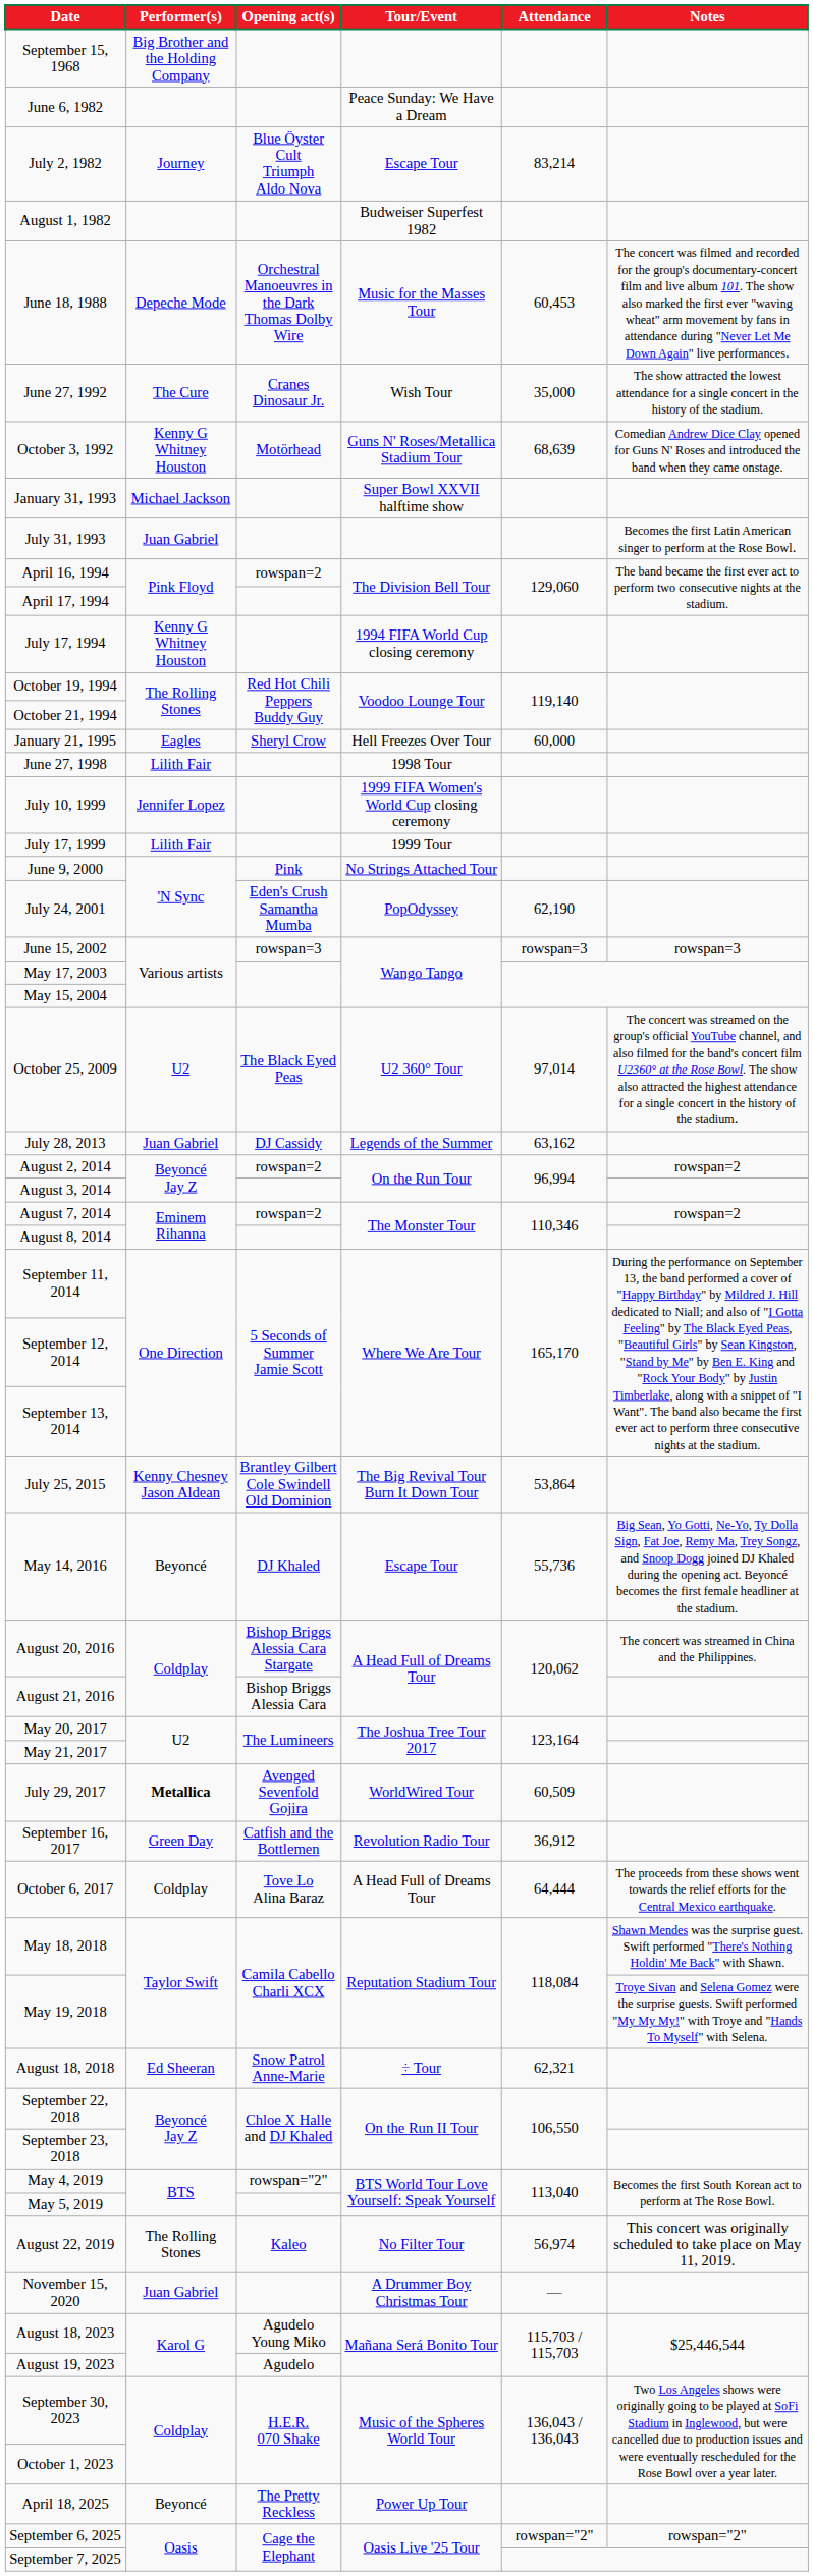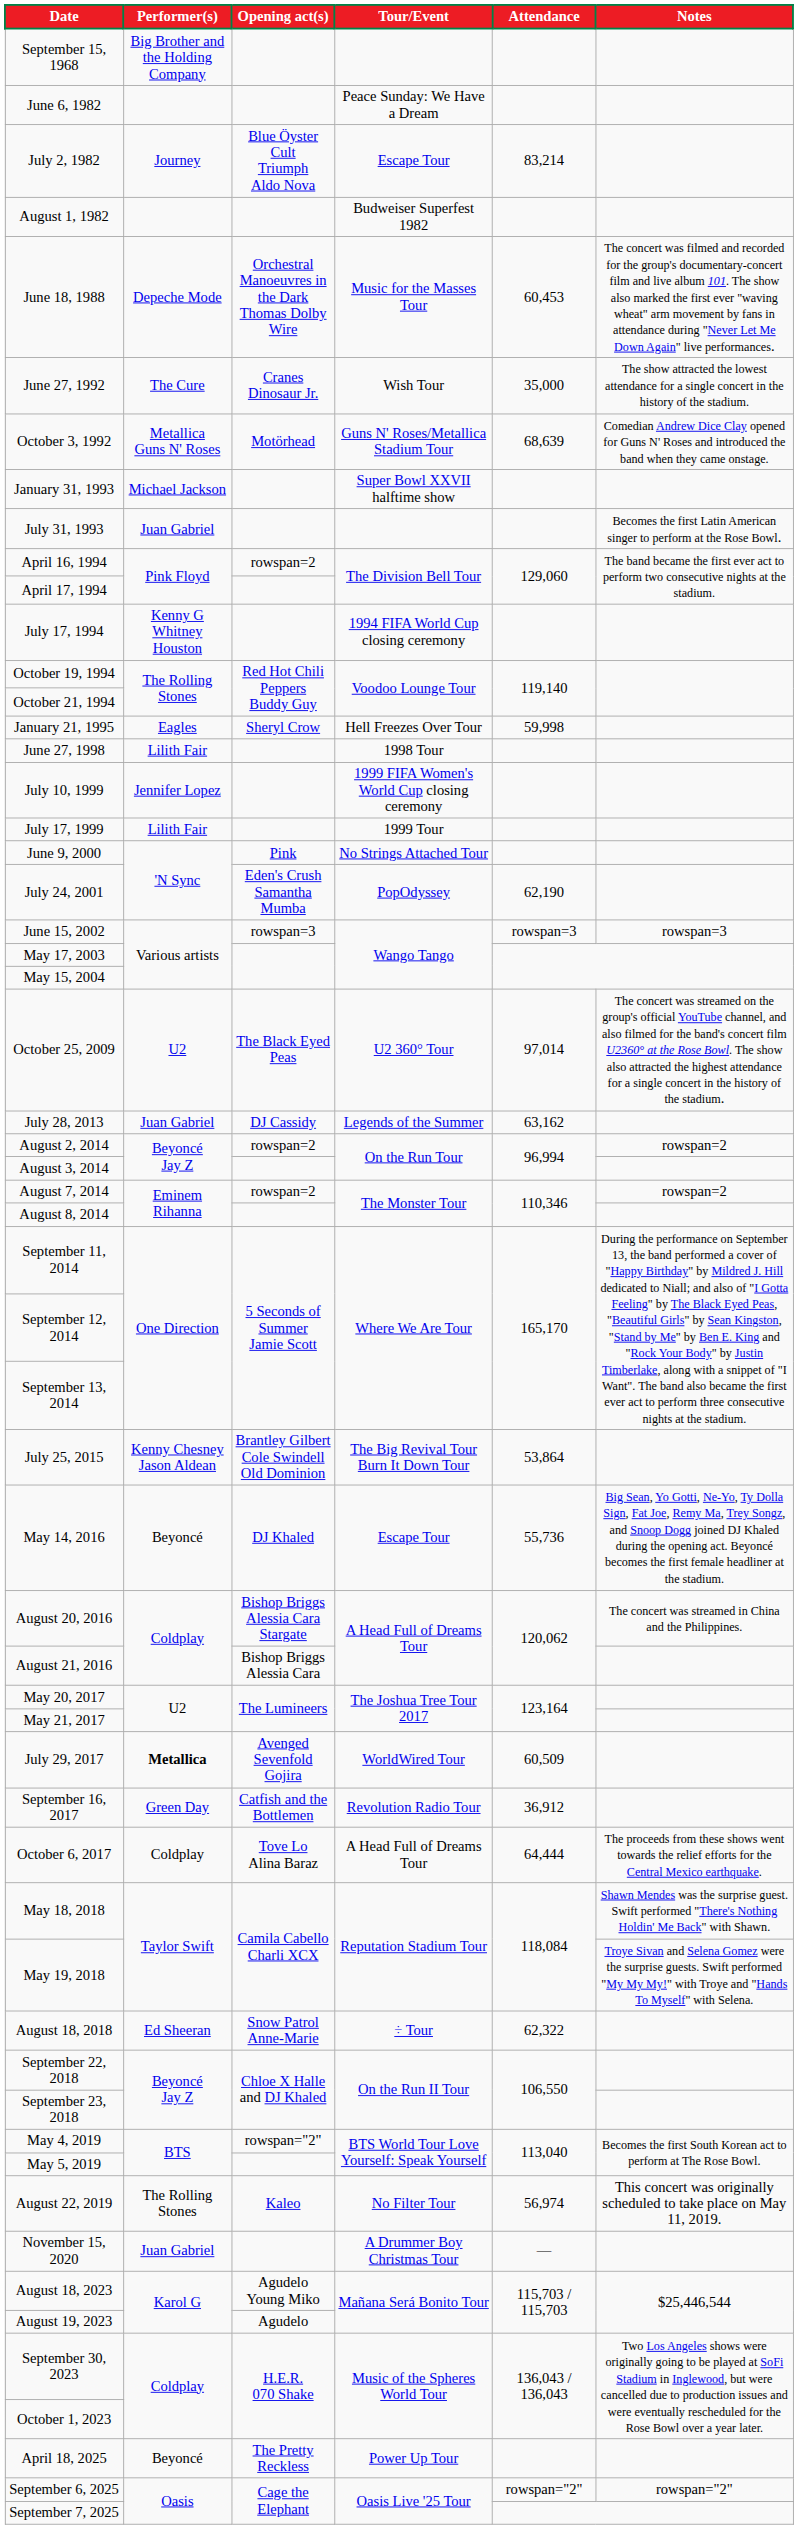 <table class="wikitable sortable" style="text-align:center">
 <tr>
 <th width=12% style="background:#ED1C24; color:#FFFFFF; border:2px solid #008348;">Date</th>
 <th width=10% style="background:#ED1C24; color:#FFFFFF; border:2px solid #008348;">Performer(s)</th>
 <th width=10% style="background:#ED1C24; color:#FFFFFF; border:2px solid #008348;">Opening act(s)</th>
 <th width=16% style="background:#ED1C24; color:#FFFFFF; border:2px solid #008348;">Tour/Event</th>
 <th width=10% style="background:#ED1C24; color:#FFFFFF; border:2px solid #008348;">Attendance</th>
 <th width=20% style="background:#ED1C24; color:#FFFFFF; border:2px solid #008348;">Notes</th>
 </tr>
 <tr>
 <td>September 15, 1968</td>
 <td><a href='#'>Big Brother and the Holding Company</a></td>
 <td></td>
 <td></td>
 <td></td>
 <td></td>
 </tr>
 <tr>
 <td>June 6, 1982</td>
 <td></td>
 <td></td>
 <td>Peace Sunday: We Have a Dream</td>
 <td></td>
 <td></td>
 </tr>
 <tr>
 <td>July 2, 1982</td>
 <td><a href='#'>Journey</a></td>
 <td><a href='#'>Blue Öyster Cult</a><br><a href='#'>Triumph</a><br><a href='#'>Aldo Nova</a></td>
 <td><a href='#'>Escape Tour</a></td>
 <td>83,214</td>
 <td></td>
 </tr>
 <tr>
 <td>August 1, 1982</td>
 <td></td>
 <td></td>
 <td>Budweiser Superfest 1982</td>
 <td></td>
 <td></td>
 </tr>
 <tr>
 <td>June 18, 1988</td>
 <td><a href='#'>Depeche Mode</a></td>
 <td><a href='#'>Orchestral Manoeuvres in the Dark</a><br> <a href='#'>Thomas Dolby</a><br><a href='#'>Wire</a></td>
 <td><a href='#'>Music for the Masses Tour</a></td>
 <td>60,453</td>
 <td><small>The concert was filmed and recorded for the group's documentary-concert film and live album <em><a href='#'>101</a></em>. The show also marked the first ever "waving wheat" arm movement by fans in attendance during "<a href='#'>Never Let Me Down Again</a>" live performances</small>.</td>
 </tr>
 <tr>
 <td>June 27, 1992</td>
 <td><a href='#'>The Cure</a></td>
 <td><a href='#'>Cranes</a><br><a href='#'>Dinosaur Jr.</a></td>
 <td>Wish Tour</td>
 <td>35,000</td>
 <td><small>The show attracted the lowest attendance for a single concert in the history of the stadium.</small></td>
 </tr>
 <tr>
 <td>October 3, 1992</td>
-<td><a href='#'>Kenny G</a><br><a href='#'>Whitney Houston</a></td>
+<td><a href='#'>Metallica</a><br><a href='#'>Guns N' Roses</a></td>
 <td><a href='#'>Motörhead</a></td>
 <td><a href='#'>Guns N' Roses/Metallica Stadium Tour</a></td>
 <td>68,639</td>
 <td><small>Comedian <a href='#'>Andrew Dice Clay</a> opened for Guns N' Roses and introduced the band when they came onstage.</small></td>
 </tr>
 <tr>
 <td>January 31, 1993</td>
 <td><a href='#'>Michael Jackson</a></td>
 <td></td>
 <td><a href='#'>Super Bowl XXVII</a> halftime show</td>
 <td></td>
 <td></td>
 </tr>
 <tr>
 <td>July 31, 1993</td>
 <td><a href='#'>Juan Gabriel</a></td>
 <td></td>
 <td></td>
 <td></td>
 <td><small>Becomes the first Latin American singer to perform at the Rose Bowl</small>.</td>
 </tr>
 <tr>
 <td>April 16, 1994</td>
 <td rowspan=2><a href='#'>Pink Floyd</a></td>
 <td>rowspan=2 </td>
 <td rowspan=2><a href='#'>The Division Bell Tour</a></td>
 <td rowspan=2>129,060</td>
 <td rowspan=2><small>The band became the first ever act to perform two consecutive nights at the stadium.</small></td>
 </tr>
 <tr>
 <td>April 17, 1994</td>
 </tr>
 <tr>
 <td>July 17, 1994</td>
 <td><a href='#'>Kenny G</a><br><a href='#'>Whitney Houston</a></td>
 <td></td>
 <td><a href='#'>1994 FIFA World Cup</a> closing ceremony</td>
 <td></td>
 <td></td>
 </tr>
 <tr>
 <td>October 19, 1994</td>
 <td rowspan=2><a href='#'>The Rolling Stones</a></td>
 <td rowspan=2><a href='#'>Red Hot Chili Peppers</a><br><a href='#'>Buddy Guy</a></td>
 <td rowspan=2><a href='#'>Voodoo Lounge Tour</a></td>
 <td rowspan=2>119,140</td>
 <td rowspan=2></td>
 </tr>
 <tr>
 <td>October 21, 1994</td>
 </tr>
 <tr>
 <td>January 21, 1995</td>
 <td><a href='#'>Eagles</a></td>
 <td><a href='#'>Sheryl Crow</a></td>
 <td>Hell Freezes Over Tour</td>
-<td>60,000</td>
+<td>59,998</td>
 <td></td>
 </tr>
 <tr>
 <td>June 27, 1998</td>
 <td><a href='#'>Lilith Fair</a></td>
 <td></td>
 <td>1998 Tour</td>
 <td></td>
 <td></td>
 </tr>
 <tr>
 <td>July 10, 1999</td>
 <td><a href='#'>Jennifer Lopez</a></td>
 <td></td>
 <td><a href='#'>1999 FIFA Women's World Cup</a> closing ceremony</td>
 <td></td>
 <td></td>
 </tr>
 <tr>
 <td>July 17, 1999</td>
 <td><a href='#'>Lilith Fair</a></td>
 <td></td>
 <td>1999 Tour</td>
 <td></td>
 <td></td>
 </tr>
 <tr>
 <td>June 9, 2000</td>
 <td rowspan="2"><a href='#'>'N Sync</a></td>
 <td><a href='#'>Pink</a></td>
 <td><a href='#'>No Strings Attached Tour</a></td>
 <td></td>
 <td></td>
 </tr>
 <tr>
 <td>July 24, 2001</td>
 <td><a href='#'>Eden's Crush</a><br><a href='#'>Samantha Mumba</a></td>
 <td><a href='#'>PopOdyssey</a></td>
 <td>62,190</td>
 <td></td>
 </tr>
 <tr>
 <td>June 15, 2002</td>
 <td rowspan=3>Various artists</td>
 <td>rowspan=3 </td>
 <td rowspan=3><a href='#'>Wango Tango</a></td>
 <td>rowspan=3 </td>
 <td>rowspan=3 </td>
 </tr>
 <tr>
 <td>May 17, 2003</td>
 </tr>
 <tr>
 <td>May 15, 2004</td>
 </tr>
 <tr>
 <td>October 25, 2009</td>
 <td><a href='#'>U2</a></td>
 <td><a href='#'>The Black Eyed Peas</a></td>
 <td><a href='#'>U2 360° Tour</a></td>
 <td>97,014</td>
 <td><small>The concert was streamed on the group's official <a href='#'>YouTube</a> channel, and also filmed for the band's concert film <em><a href='#'>U2360° at the Rose Bowl</a></em>. The show also attracted the highest attendance for a single concert in the history of the stadium</small>.</td>
 </tr>
 <tr>
 <td>July 28, 2013</td>
 <td><a href='#'>Juan Gabriel</a></td>
 <td><a href='#'>DJ Cassidy</a></td>
 <td><a href='#'>Legends of the Summer</a></td>
 <td>63,162</td>
 <td></td>
 </tr>
 <tr>
 <td>August 2, 2014</td>
 <td rowspan=2><a href='#'>Beyoncé</a><br><a href='#'>Jay Z</a></td>
 <td>rowspan=2 </td>
 <td rowspan=2><a href='#'>On the Run Tour</a></td>
 <td rowspan=2>96,994</td>
 <td>rowspan=2 </td>
 </tr>
 <tr>
 <td>August 3, 2014</td>
 </tr>
 <tr>
 <td>August 7, 2014</td>
 <td rowspan=2><a href='#'>Eminem</a><br><a href='#'>Rihanna</a></td>
 <td>rowspan=2 </td>
 <td rowspan=2><a href='#'>The Monster Tour</a></td>
 <td rowspan=2>110,346</td>
 <td>rowspan=2 </td>
 </tr>
 <tr>
 <td>August 8, 2014</td>
 </tr>
 <tr>
 <td>September 11, 2014</td>
 <td rowspan=3><a href='#'>One Direction</a></td>
 <td rowspan=3><a href='#'>5 Seconds of Summer</a><br><a href='#'>Jamie Scott</a></td>
 <td rowspan=3><a href='#'>Where We Are Tour</a></td>
 <td rowspan=3>165,170</td>
 <td rowspan=3><small>During the performance on September 13, the band performed a cover of "<a href='#'>Happy Birthday</a>" by <a href='#'>Mildred J. Hill</a> dedicated to Niall; and also of "<a href='#'>I Gotta Feeling</a>" by <a href='#'>The Black Eyed Peas</a>, "<a href='#'>Beautiful Girls</a>" by <a href='#'>Sean Kingston</a>, "<a href='#'>Stand by Me</a>" by <a href='#'>Ben E. King</a> and "<a href='#'>Rock Your Body</a>" by <a href='#'>Justin Timberlake</a>, along with a snippet of "I Want". The band also became the first ever act to perform three consecutive nights at the stadium.</small></td>
 </tr>
 <tr>
 <td>September 12, 2014</td>
 </tr>
 <tr>
 <td>September 13, 2014</td>
 </tr>
 <tr>
 <td>July 25, 2015</td>
 <td><a href='#'>Kenny Chesney</a><br><a href='#'>Jason Aldean</a></td>
 <td><a href='#'>Brantley Gilbert</a><br><a href='#'>Cole Swindell</a><br><a href='#'>Old Dominion</a></td>
 <td><a href='#'>The Big Revival Tour</a><br><a href='#'>Burn It Down Tour</a></td>
 <td>53,864</td>
 <td></td>
 </tr>
 <tr>
 <td>May 14, 2016</td>
 <td>Beyoncé</td>
 <td><a href='#'>DJ Khaled</a></td>
 <td><a href='#'>Escape Tour</a></td>
 <td>55,736</td>
 <td><small><a href='#'>Big Sean</a>, <a href='#'>Yo Gotti</a>, <a href='#'>Ne-Yo</a>, <a href='#'>Ty Dolla Sign</a>, <a href='#'>Fat Joe</a>, <a href='#'>Remy Ma</a>, <a href='#'>Trey Songz</a>, and <a href='#'>Snoop Dogg</a> joined DJ Khaled during the opening act. Beyoncé becomes the first female headliner at the stadium.</small></td>
 </tr>
 <tr>
 <td>August 20, 2016</td>
 <td rowspan=2><a href='#'>Coldplay</a></td>
 <td><a href='#'>Bishop Briggs</a><br><a href='#'>Alessia Cara</a><br><a href='#'>Stargate</a></td>
 <td rowspan=2><a href='#'>A Head Full of Dreams Tour</a></td>
 <td rowspan=2>120,062</td>
 <td><small>The concert was streamed in China and the Philippines.</small></td>
 </tr>
 <tr>
 <td>August 21, 2016</td>
 <td>Bishop Briggs<br>Alessia Cara</td>
 <td></td>
 </tr>
 <tr>
 <td>May 20, 2017</td>
 <td rowspan="2">U2</td>
 <td rowspan="2"><a href='#'>The Lumineers</a></td>
 <td rowspan="2"><a href='#'>The Joshua Tree Tour 2017</a></td>
 <td rowspan="2">123,164</td>
 <td></td>
 </tr>
 <tr>
 <td>May 21, 2017</td>
 <td></td>
 </tr>
 <tr>
 <td>July 29, 2017</td>
 <td><strong>Metallica</strong></td>
 <td><a href='#'>Avenged Sevenfold</a><br><a href='#'>Gojira</a></td>
 <td><a href='#'>WorldWired Tour</a></td>
 <td>60,509</td>
 <td></td>
 </tr>
 <tr>
 <td>September 16, 2017</td>
 <td><a href='#'>Green Day</a></td>
 <td><a href='#'>Catfish and the Bottlemen</a></td>
 <td><a href='#'>Revolution Radio Tour</a></td>
 <td>36,912</td>
 <td></td>
 </tr>
 <tr>
 <td>October 6, 2017</td>
 <td>Coldplay</td>
 <td><a href='#'>Tove Lo</a><br>Alina Baraz</td>
 <td>A Head Full of Dreams Tour</td>
 <td>64,444</td>
 <td><small>The proceeds from these shows went towards the relief efforts for the <a href='#'>Central Mexico earthquake</a>.</small></td>
 </tr>
 <tr>
 <td>May 18, 2018</td>
 <td rowspan="2"><a href='#'>Taylor Swift</a></td>
 <td rowspan="2"><a href='#'>Camila Cabello</a><br><a href='#'>Charli XCX</a></td>
 <td rowspan="2"><a href='#'>Reputation Stadium Tour</a></td>
 <td rowspan="2">118,084</td>
 <td><small><a href='#'>Shawn Mendes</a> was the surprise guest. Swift performed "<a href='#'>There's Nothing Holdin' Me Back</a>" with Shawn.</small></td>
 </tr>
 <tr>
 <td>May 19, 2018</td>
 <td><small><a href='#'>Troye Sivan</a> and <a href='#'>Selena Gomez</a> were the surprise guests. Swift performed "<a href='#'>My My My!</a>" with Troye and "<a href='#'>Hands To Myself</a>" with Selena.</small></td>
 </tr>
 <tr>
 <td>August 18, 2018</td>
 <td><a href='#'>Ed Sheeran</a></td>
 <td><a href='#'>Snow Patrol</a><br><a href='#'>Anne-Marie</a></td>
 <td><a href='#'>÷ Tour</a></td>
-<td>62,321</td>
+<td>62,322</td>
 <td></td>
 </tr>
 <tr>
 <td>September 22, 2018</td>
 <td rowspan="2"><a href='#'>Beyoncé</a><br><a href='#'>Jay Z</a></td>
 <td rowspan="2"><a href='#'>Chloe X Halle</a> and <a href='#'>DJ Khaled</a></td>
 <td rowspan="2"><a href='#'>On the Run II Tour</a></td>
 <td rowspan="2">106,550</td>
 <td></td>
 </tr>
 <tr>
 <td>September 23, 2018</td>
 <td></td>
 </tr>
 <tr>
 <td>May 4, 2019</td>
 <td rowspan="2"><a href='#'>BTS</a></td>
 <td>rowspan="2" </td>
 <td rowspan="2"><a href='#'>BTS World Tour Love Yourself: Speak Yourself</a></td>
 <td rowspan="2">113,040</td>
 <td rowspan="2"><small>Becomes the first South Korean act to perform at The Rose Bowl.</small></td>
 </tr>
 <tr>
 <td>May 5, 2019</td>
 </tr>
 <tr>
 <td>August 22, 2019</td>
 <td>The Rolling Stones</td>
 <td><a href='#'>Kaleo</a></td>
 <td><a href='#'>No Filter Tour</a></td>
 <td>56,974</td>
 <td>This concert was originally scheduled to take place on May 11, 2019.</td>
 </tr>
 <tr>
 <td>November 15, 2020</td>
 <td><a href='#'>Juan Gabriel</a></td>
 <td></td>
 <td><a href='#'>A Drummer Boy Christmas Tour</a></td>
 <td>—</td>
 <td></td>
 </tr>
 <tr>
 <td>August 18, 2023</td>
 <td rowspan="2"><a href='#'>Karol G</a></td>
 <td>Agudelo<br>Young Miko</td>
 <td rowspan="2"><a href='#'>Mañana Será Bonito Tour</a></td>
 <td rowspan="2">115,703 / 115,703</td>
 <td rowspan="2">$25,446,544</td>
 </tr>
 <tr>
 <td>August 19, 2023</td>
 <td>Agudelo</td>
 </tr>
 <tr>
 <td>September 30, 2023</td>
 <td rowspan="2"><a href='#'>Coldplay</a></td>
 <td rowspan="2"><a href='#'>H.E.R.</a><br><a href='#'>070 Shake</a></td>
 <td rowspan="2"><a href='#'>Music of the Spheres World Tour</a></td>
 <td rowspan="2">136,043 / 136,043</td>
 <td rowspan="2"><small>Two <a href='#'>Los Angeles</a> shows were originally going to be played at <a href='#'>SoFi Stadium</a> in <a href='#'>Inglewood</a>, but were cancelled due to production issues and were eventually rescheduled for the Rose Bowl over a year later.</small></td>
 </tr>
 <tr>
 <td>October 1, 2023</td>
 </tr>
 <tr>
 <td>April 18, 2025</td>
 <td>Beyoncé</td>
 <td><a href='#'>The Pretty Reckless</a></td>
 <td><a href='#'>Power Up Tour</a></td>
 <td></td>
 <td></td>
 </tr>
 <tr>
 <td>September 6, 2025</td>
 <td rowspan="2"><a href='#'>Oasis</a></td>
 <td rowspan="2"><a href='#'>Cage the Elephant</a></td>
 <td rowspan="2"><a href='#'>Oasis Live '25 Tour</a></td>
 <td>rowspan="2" </td>
 <td>rowspan="2" </td>
 </tr>
 <tr>
 <td>September 7, 2025</td>
 </tr>
 </table>
